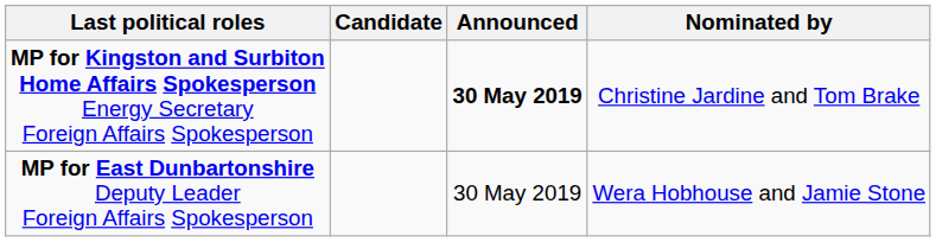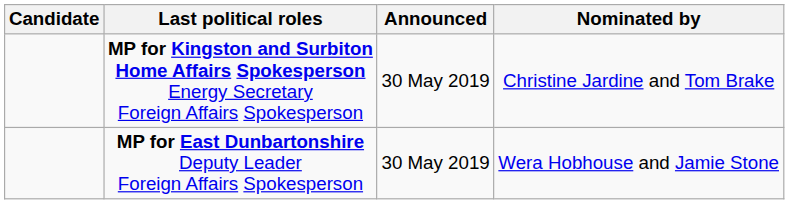 <table class="wikitable" style="text-align:center">
 <tr>
+<th>Candidate</th>
 <th>Last political roles</th>
-<th>Candidate</th>
 <th>Announced</th>
 <th>Nominated by</th>
 </tr>
 <tr>
+<td><br><strong></strong></td>
 <td><strong>MP for <a href='#'>Kingston and Surbiton</a></strong>  <br><strong><a href='#'>Home Affairs</a> <a href='#'>Spokesperson</a></strong>  <br><a href='#'>Energy Secretary</a> <br><a href='#'>Foreign Affairs</a> <a href='#'>Spokesperson</a> </td>
-<td><br><strong></strong></td>
-<td><strong>30 May 2019</strong></td>
+<td>30 May 2019</td>
 <td><a href='#'>Christine Jardine</a> and <a href='#'>Tom Brake</a></td>
 </tr>
 <tr>
+<td><br><strong></strong></td>
 <td><strong>MP for <a href='#'>East Dunbartonshire</a></strong>  <br><a href='#'>Deputy Leader</a>  <br><a href='#'>Foreign Affairs</a> <a href='#'>Spokesperson</a> </td>
-<td><br><strong></strong></td>
 <td>30 May 2019</td>
 <td><a href='#'>Wera Hobhouse</a> and <a href='#'>Jamie Stone</a></td>
 </tr>
 </table>
